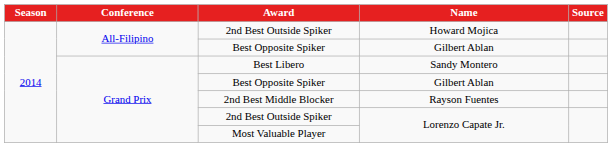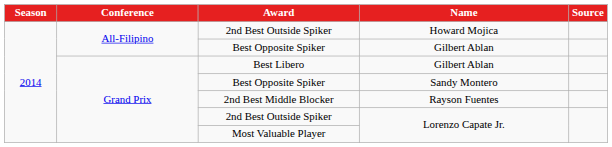 <table class="wikitable">
 <tr>
 <th width=70px style="background: #E62020; color: white; text-align: center"><strong>Season</strong></th>
 <th width=200px style="background: #E62020; color: White"><strong>Conference</strong></th>
 <th width=230px style="background: #E62020; color: White"><strong>Award</strong></th>
 <th width=300px style="background: #E62020; color: White"><strong>Name</strong></th>
 <th width=50px style="background: #E62020; color: White"><strong>Source</strong></th>
 </tr>
 <tr align=center>
 <td rowspan=7><a href='#'>2014</a></td>
 <td rowspan=2><a href='#'>All-Filipino</a></td>
 <td>2nd Best Outside Spiker</td>
 <td>Howard Mojica</td>
 <td></td>
 </tr>
 <tr align=center>
 <td>Best Opposite Spiker</td>
 <td>Gilbert Ablan</td>
 <td></td>
 </tr>
 <tr align=center>
 <td rowspan=5><a href='#'>Grand Prix</a></td>
 <td>Best Libero</td>
-<td>Sandy Montero</td>
+<td>Gilbert Ablan</td>
 <td></td>
 </tr>
 <tr align=center>
 <td>Best Opposite Spiker</td>
-<td>Gilbert Ablan</td>
+<td>Sandy Montero</td>
 <td></td>
 </tr>
 <tr align=center>
 <td>2nd Best Middle Blocker</td>
 <td>Rayson Fuentes</td>
 <td></td>
 </tr>
 <tr align=center>
 <td>2nd Best Outside Spiker</td>
 <td rowspan=2>Lorenzo Capate Jr.</td>
 <td rowspan=2></td>
 </tr>
 <tr align=center>
 <td>Most Valuable Player</td>
 </tr>
 </table>
